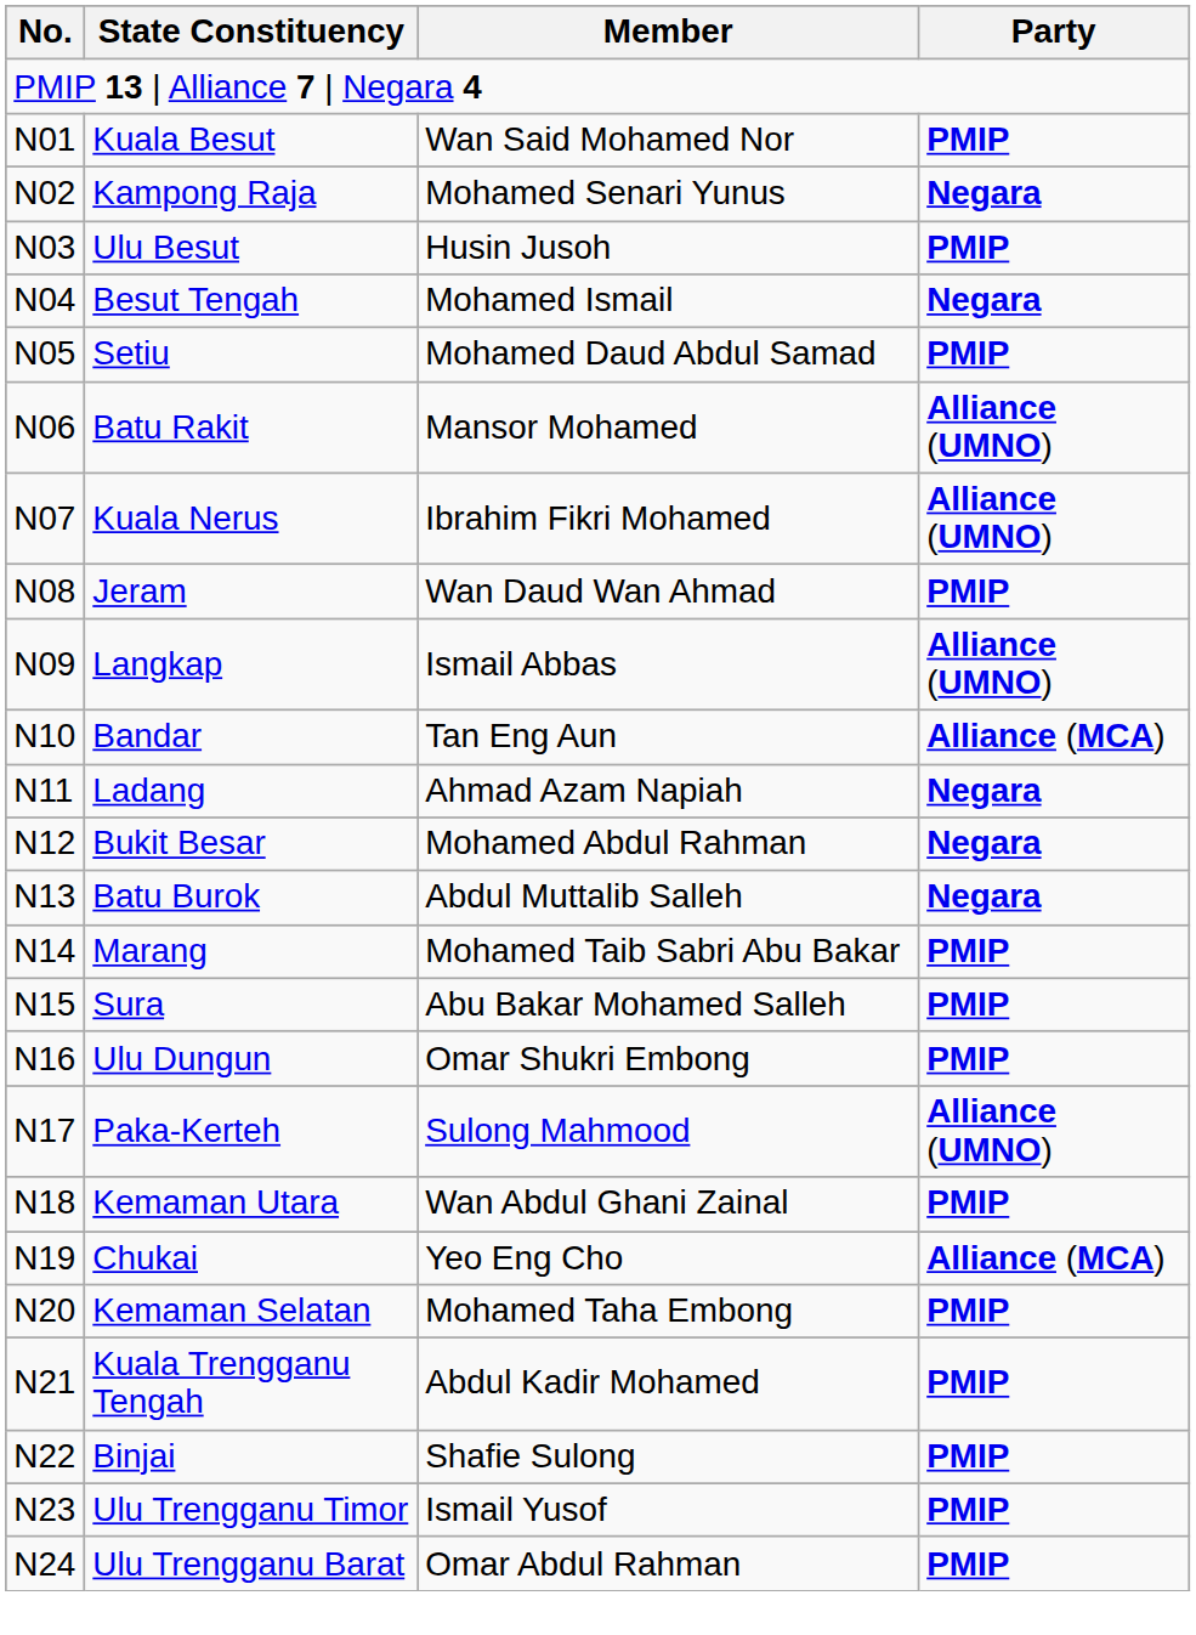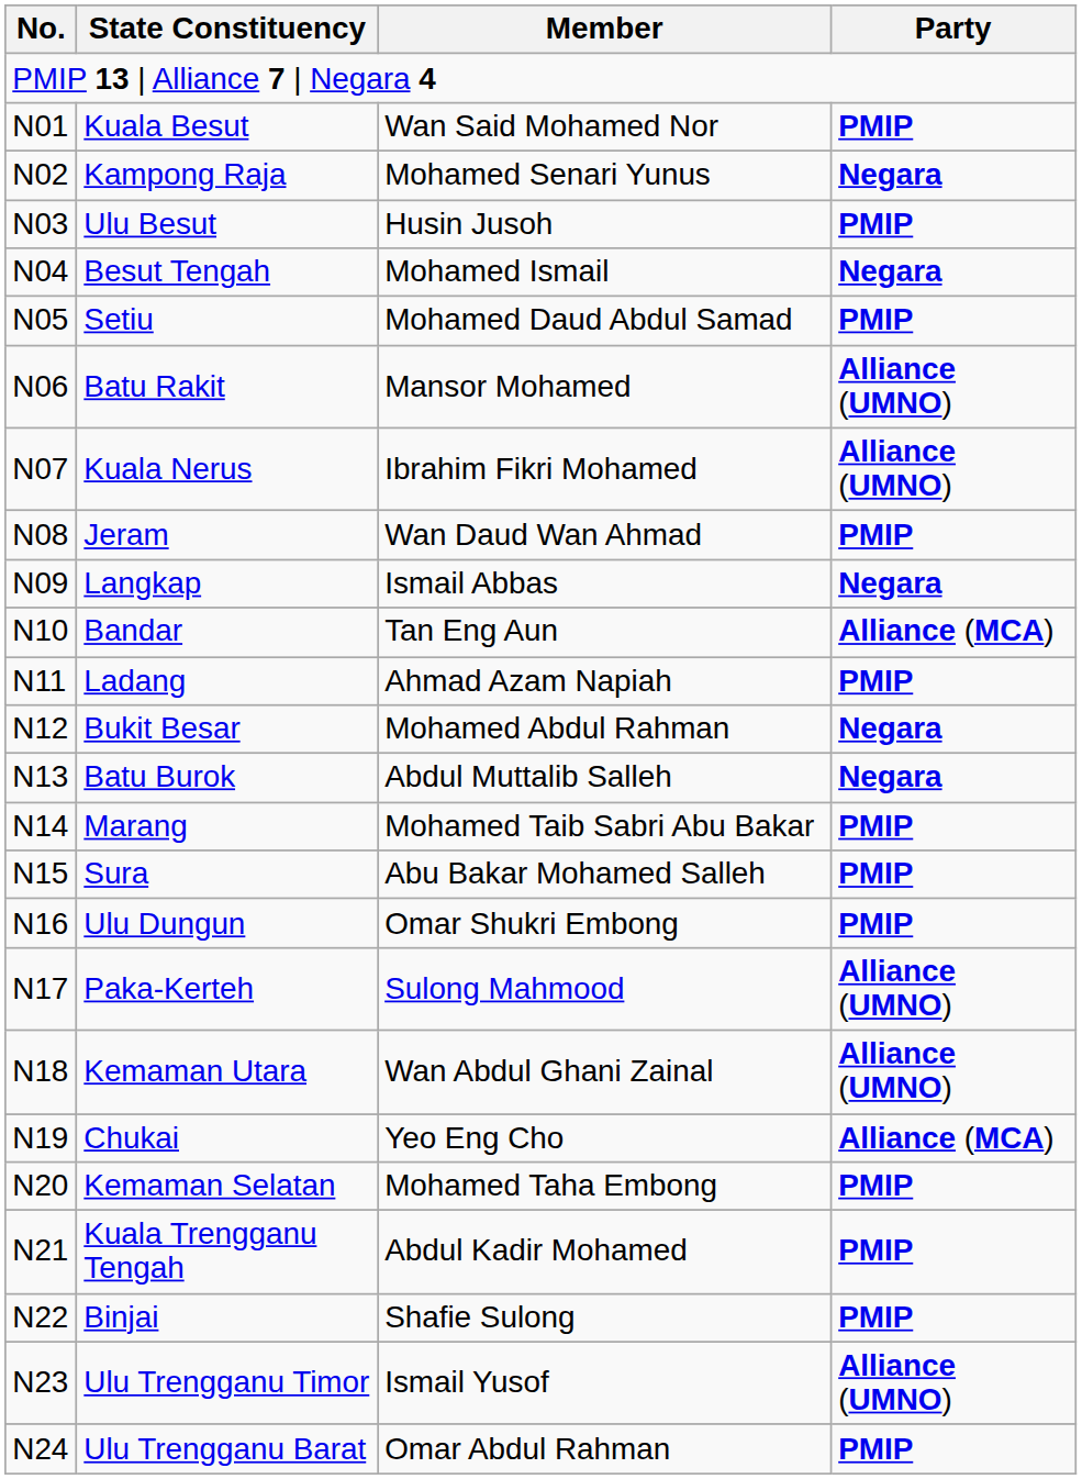 <table class="wikitable sortable">
 <tr>
 <th style="width:30px;">No.</th>
 <th style="width:150px;">State Constituency</th>
 <th style="width:230px;">Member</th>
 <th style="width:120px;">Party</th>
 </tr>
 <tr>
 <td colspan="4"><a href='#'>PMIP</a> <strong>13</strong> | <a href='#'>Alliance</a> <strong>7</strong> | <a href='#'>Negara</a> <strong>4</strong></td>
 </tr>
 <tr>
 <td>N01</td>
 <td><a href='#'>Kuala Besut</a></td>
 <td>Wan Said Mohamed Nor</td>
 <td><strong><a href='#'>PMIP</a></strong></td>
 </tr>
 <tr>
 <td>N02</td>
 <td><a href='#'>Kampong Raja</a></td>
 <td>Mohamed Senari Yunus</td>
 <td><strong><a href='#'>Negara</a></strong></td>
 </tr>
 <tr>
 <td>N03</td>
 <td><a href='#'>Ulu Besut</a></td>
 <td>Husin Jusoh</td>
 <td><strong><a href='#'>PMIP</a></strong></td>
 </tr>
 <tr>
 <td>N04</td>
 <td><a href='#'>Besut Tengah</a></td>
 <td>Mohamed Ismail</td>
 <td><strong><a href='#'>Negara</a></strong></td>
 </tr>
 <tr>
 <td>N05</td>
 <td><a href='#'>Setiu</a></td>
 <td>Mohamed Daud Abdul Samad</td>
 <td><strong><a href='#'>PMIP</a></strong></td>
 </tr>
 <tr>
 <td>N06</td>
 <td><a href='#'>Batu Rakit</a></td>
 <td>Mansor Mohamed</td>
 <td><strong><a href='#'>Alliance</a></strong> (<strong><a href='#'>UMNO</a></strong>)</td>
 </tr>
 <tr>
 <td>N07</td>
 <td><a href='#'>Kuala Nerus</a></td>
 <td>Ibrahim Fikri Mohamed</td>
 <td><strong><a href='#'>Alliance</a></strong> (<strong><a href='#'>UMNO</a></strong>)</td>
 </tr>
 <tr>
 <td>N08</td>
 <td><a href='#'>Jeram</a></td>
 <td>Wan Daud Wan Ahmad</td>
 <td><strong><a href='#'>PMIP</a></strong></td>
 </tr>
 <tr>
 <td>N09</td>
 <td><a href='#'>Langkap</a></td>
 <td>Ismail Abbas</td>
-<td><strong><a href='#'>Alliance</a></strong> (<strong><a href='#'>UMNO</a></strong>)</td>
+<td><strong><a href='#'>Negara</a></strong></td>
 </tr>
 <tr>
 <td>N10</td>
 <td><a href='#'>Bandar</a></td>
 <td>Tan Eng Aun</td>
 <td><strong><a href='#'>Alliance</a></strong> (<strong><a href='#'>MCA</a></strong>)</td>
 </tr>
 <tr>
 <td>N11</td>
 <td><a href='#'>Ladang</a></td>
 <td>Ahmad Azam Napiah</td>
-<td><strong><a href='#'>Negara</a></strong></td>
+<td><strong><a href='#'>PMIP</a></strong></td>
 </tr>
 <tr>
 <td>N12</td>
 <td><a href='#'>Bukit Besar</a></td>
 <td>Mohamed Abdul Rahman</td>
 <td><strong><a href='#'>Negara</a></strong></td>
 </tr>
 <tr>
 <td>N13</td>
 <td><a href='#'>Batu Burok</a></td>
 <td>Abdul Muttalib Salleh</td>
 <td><strong><a href='#'>Negara</a></strong></td>
 </tr>
 <tr>
 <td>N14</td>
 <td><a href='#'>Marang</a></td>
 <td>Mohamed Taib Sabri Abu Bakar</td>
 <td><strong><a href='#'>PMIP</a></strong></td>
 </tr>
 <tr>
 <td>N15</td>
 <td><a href='#'>Sura</a></td>
 <td>Abu Bakar Mohamed Salleh</td>
 <td><strong><a href='#'>PMIP</a></strong></td>
 </tr>
 <tr>
 <td>N16</td>
 <td><a href='#'>Ulu Dungun</a></td>
 <td>Omar Shukri Embong</td>
 <td><strong><a href='#'>PMIP</a></strong></td>
 </tr>
 <tr>
 <td>N17</td>
 <td><a href='#'>Paka-Kerteh</a></td>
 <td><a href='#'>Sulong Mahmood</a></td>
 <td><strong><a href='#'>Alliance</a></strong> (<strong><a href='#'>UMNO</a></strong>)</td>
 </tr>
 <tr>
 <td>N18</td>
 <td><a href='#'>Kemaman Utara</a></td>
 <td>Wan Abdul Ghani Zainal</td>
-<td><strong><a href='#'>PMIP</a></strong></td>
+<td><strong><a href='#'>Alliance</a></strong> (<strong><a href='#'>UMNO</a></strong>)</td>
 </tr>
 <tr>
 <td>N19</td>
 <td><a href='#'>Chukai</a></td>
 <td>Yeo Eng Cho</td>
 <td><strong><a href='#'>Alliance</a></strong> (<strong><a href='#'>MCA</a></strong>)</td>
 </tr>
 <tr>
 <td>N20</td>
 <td><a href='#'>Kemaman Selatan</a></td>
 <td>Mohamed Taha Embong</td>
 <td><strong><a href='#'>PMIP</a></strong></td>
 </tr>
 <tr>
 <td>N21</td>
 <td><a href='#'>Kuala Trengganu Tengah</a></td>
 <td>Abdul Kadir Mohamed</td>
 <td><strong><a href='#'>PMIP</a></strong></td>
 </tr>
 <tr>
 <td>N22</td>
 <td><a href='#'>Binjai</a></td>
 <td>Shafie Sulong</td>
 <td><strong><a href='#'>PMIP</a></strong></td>
 </tr>
 <tr>
 <td>N23</td>
 <td><a href='#'>Ulu Trengganu Timor</a></td>
 <td>Ismail Yusof</td>
-<td><strong><a href='#'>PMIP</a></strong></td>
+<td><strong><a href='#'>Alliance</a></strong> (<strong><a href='#'>UMNO</a></strong>)</td>
 </tr>
 <tr>
 <td>N24</td>
 <td><a href='#'>Ulu Trengganu Barat</a></td>
 <td>Omar Abdul Rahman</td>
 <td><strong><a href='#'>PMIP</a></strong></td>
 </tr>
 </table>
